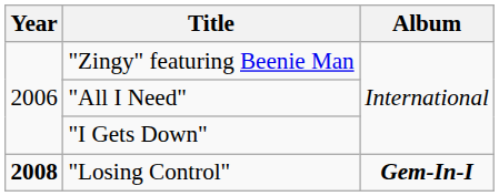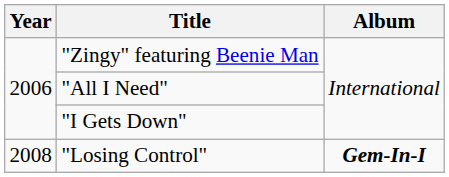 <table class="wikitable">
 <tr>
 <th>Year</th>
 <th>Title</th>
 <th>Album</th>
 </tr>
 <tr>
 <td align="center" rowspan=3>2006</td>
 <td>"Zingy" featuring <a href='#'>Beenie Man</a></td>
 <td align="center" rowspan=3><em>International</em></td>
 </tr>
 <tr>
 <td>"All I Need"</td>
 </tr>
 <tr>
 <td>"I Gets Down"</td>
 </tr>
 <tr>
-<td align="center" rowspan=1><strong>2008</strong></td>
+<td align="center" rowspan=1>2008</td>
 <td>"Losing Control"</td>
 <td align="center" rowspan=1><strong><em>Gem-In-I</em></strong></td>
 </tr>
 </table>
